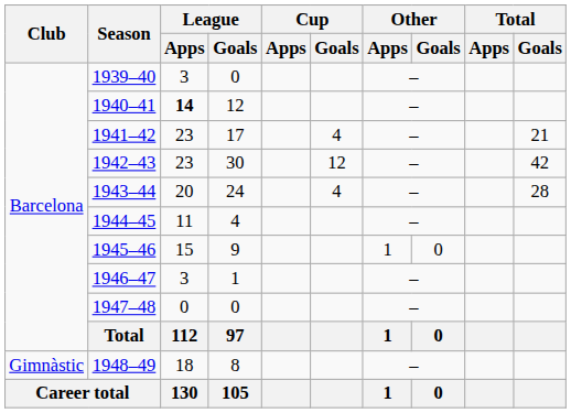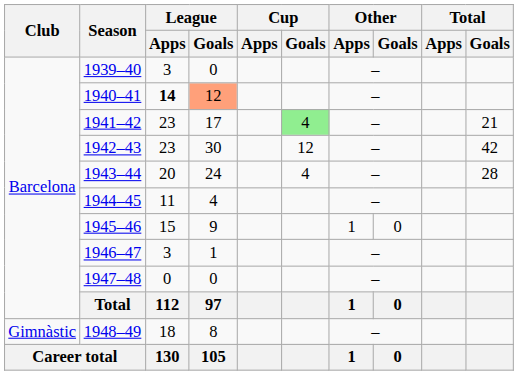 <table class="wikitable" style="text-align:center">
 <tr>
 <th rowspan="2">Club</th>
 <th rowspan="2">Season</th>
 <th colspan="2">League</th>
 <th colspan="2">Cup</th>
 <th colspan="2">Other</th>
 <th colspan="2">Total</th>
 </tr>
 <tr>
 <th>Apps</th>
 <th>Goals</th>
 <th>Apps</th>
 <th>Goals</th>
 <th>Apps</th>
 <th>Goals</th>
 <th>Apps</th>
 <th>Goals</th>
 </tr>
 <tr>
 <td rowspan="10"><a href='#'>Barcelona</a></td>
 <td><a href='#'>1939–40</a></td>
 <td>3</td>
 <td>0</td>
 <td></td>
 <td></td>
 <td colspan="2">–</td>
 <td></td>
 <td></td>
 </tr>
 <tr>
 <td><a href='#'>1940–41</a></td>
 <td><strong>14</strong></td>
-<td>12</td>
+<td style="background: lightsalmon;">12</td>
 <td></td>
 <td></td>
 <td colspan="2">–</td>
 <td></td>
 <td></td>
 </tr>
 <tr>
 <td><a href='#'>1941–42</a></td>
 <td>23</td>
 <td>17</td>
 <td></td>
-<td>4</td>
+<td style="background: lightgreen;">4</td>
 <td colspan="2">–</td>
 <td></td>
 <td>21</td>
 </tr>
 <tr>
 <td><a href='#'>1942–43</a></td>
 <td>23</td>
 <td>30</td>
 <td></td>
 <td>12</td>
 <td colspan="2">–</td>
 <td></td>
 <td>42</td>
 </tr>
 <tr>
 <td><a href='#'>1943–44</a></td>
 <td>20</td>
 <td>24</td>
 <td></td>
 <td>4</td>
 <td colspan="2">–</td>
 <td></td>
 <td>28</td>
 </tr>
 <tr>
 <td><a href='#'>1944–45</a></td>
 <td>11</td>
 <td>4</td>
 <td></td>
 <td></td>
 <td colspan="2">–</td>
 <td></td>
 <td></td>
 </tr>
 <tr>
 <td><a href='#'>1945–46</a></td>
 <td>15</td>
 <td>9</td>
 <td></td>
 <td></td>
 <td>1</td>
 <td>0</td>
 <td></td>
 <td></td>
 </tr>
 <tr>
 <td><a href='#'>1946–47</a></td>
 <td>3</td>
 <td>1</td>
 <td></td>
 <td></td>
 <td colspan="2">–</td>
 <td></td>
 <td></td>
 </tr>
 <tr>
 <td><a href='#'>1947–48</a></td>
 <td>0</td>
 <td>0</td>
 <td></td>
 <td></td>
 <td colspan="2">–</td>
 <td></td>
 <td></td>
 </tr>
 <tr>
 <th>Total</th>
 <th>112</th>
 <th>97</th>
 <th></th>
 <th></th>
 <th>1</th>
 <th>0</th>
 <th></th>
 <th></th>
 </tr>
 <tr>
 <td><a href='#'>Gimnàstic</a></td>
 <td><a href='#'>1948–49</a></td>
 <td>18</td>
 <td>8</td>
 <td></td>
 <td></td>
 <td colspan="2">–</td>
 <td></td>
 <td></td>
 </tr>
 <tr>
 <th colspan="2">Career total</th>
 <th>130</th>
 <th>105</th>
 <th></th>
 <th></th>
 <th>1</th>
 <th>0</th>
 <th></th>
 <th></th>
 </tr>
 </table>
